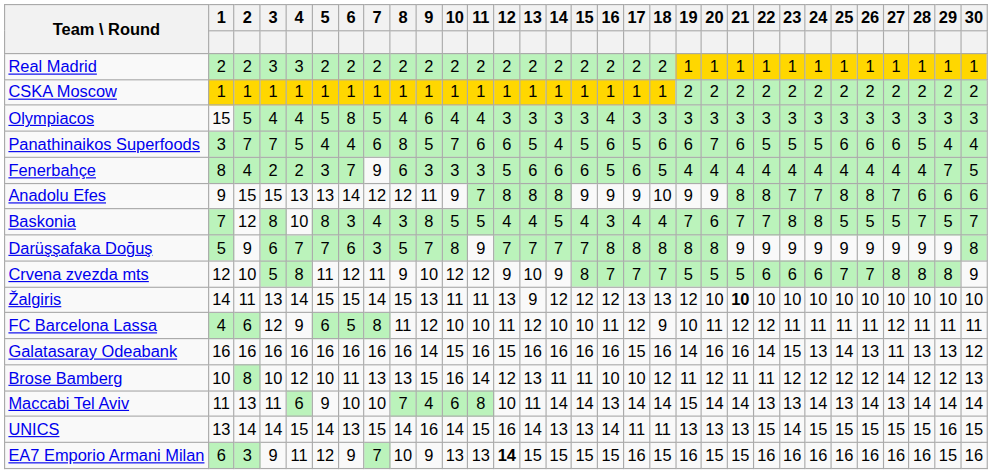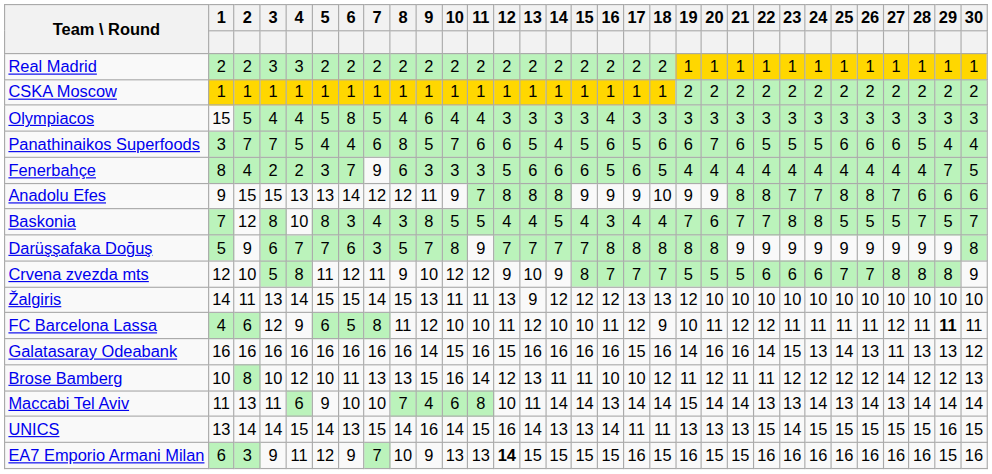 <table class="wikitable sortable" style="font-size:90%; text-align:center; white-space: nowrap;">
 <tr>
 <th rowspan="2" style="width:140px;">Team \ Round</th>
 <th>1</th>
 <th>2</th>
 <th>3</th>
 <th>4</th>
 <th>5</th>
 <th>6</th>
 <th>7</th>
 <th>8</th>
 <th>9</th>
 <th>10</th>
 <th>11</th>
 <th>12</th>
 <th>13</th>
 <th>14</th>
 <th>15</th>
 <th>16</th>
 <th>17</th>
 <th>18</th>
 <th>19</th>
 <th>20</th>
 <th>21</th>
 <th>22</th>
 <th>23</th>
 <th>24</th>
 <th>25</th>
 <th>26</th>
 <th>27</th>
 <th>28</th>
 <th>29</th>
 <th>30</th>
 </tr>
 <tr style="text-align:center; height:20px;">
 <th scope=row></th>
 <th></th>
 <th></th>
 <th></th>
 <th></th>
 <th></th>
 <th></th>
 <th></th>
 <th></th>
 <th></th>
 <th></th>
 <th></th>
 <th></th>
 <th></th>
 <th></th>
 <th></th>
 <th></th>
 <th></th>
 <th></th>
 <th></th>
 <th></th>
 <th></th>
 <th></th>
 <th></th>
 <th></th>
 <th></th>
 <th></th>
 <th></th>
 <th></th>
 <th></th>
 </tr>
 <tr>
 <td align=left> <a href='#'>Real Madrid</a></td>
 <td bgcolor=#BBF3BB>2</td>
 <td bgcolor=#BBF3BB>2</td>
 <td bgcolor=#BBF3BB>3</td>
 <td bgcolor=#BBF3BB>3</td>
 <td bgcolor=#BBF3BB>2</td>
 <td bgcolor=#BBF3BB>2</td>
 <td bgcolor=#BBF3BB>2</td>
 <td bgcolor=#BBF3BB>2</td>
 <td bgcolor=#BBF3BB>2</td>
 <td bgcolor=#BBF3BB>2</td>
 <td bgcolor=#BBF3BB>2</td>
 <td bgcolor=#BBF3BB>2</td>
 <td bgcolor=#BBF3BB>2</td>
 <td bgcolor=#BBF3BB>2</td>
 <td bgcolor=#BBF3BB>2</td>
 <td bgcolor=#BBF3BB>2</td>
 <td bgcolor=#BBF3BB>2</td>
 <td bgcolor=#BBF3BB>2</td>
 <td bgcolor=gold>1</td>
 <td bgcolor=gold>1</td>
 <td bgcolor=gold>1</td>
 <td bgcolor=gold>1</td>
 <td bgcolor=gold>1</td>
 <td bgcolor=gold>1</td>
 <td bgcolor=gold>1</td>
 <td bgcolor=gold>1</td>
 <td bgcolor=gold>1</td>
 <td bgcolor=gold>1</td>
 <td bgcolor=gold>1</td>
 <td bgcolor=gold>1</td>
 </tr>
 <tr>
 <td align=left> <a href='#'>CSKA Moscow</a></td>
 <td bgcolor=gold>1</td>
 <td bgcolor=gold>1</td>
 <td bgcolor=gold>1</td>
 <td bgcolor=gold>1</td>
 <td bgcolor=gold>1</td>
 <td bgcolor=gold>1</td>
 <td bgcolor=gold>1</td>
 <td bgcolor=gold>1</td>
 <td bgcolor=gold>1</td>
 <td bgcolor=gold>1</td>
 <td bgcolor=gold>1</td>
 <td bgcolor=gold>1</td>
 <td bgcolor=gold>1</td>
 <td bgcolor=gold>1</td>
 <td bgcolor=gold>1</td>
 <td bgcolor=gold>1</td>
 <td bgcolor=gold>1</td>
 <td bgcolor=gold>1</td>
 <td bgcolor=#BBF3BB>2</td>
 <td bgcolor=#BBF3BB>2</td>
 <td bgcolor=#BBF3BB>2</td>
 <td bgcolor=#BBF3BB>2</td>
 <td bgcolor=#BBF3BB>2</td>
 <td bgcolor=#BBF3BB>2</td>
 <td bgcolor=#BBF3BB>2</td>
 <td bgcolor=#BBF3BB>2</td>
 <td bgcolor=#BBF3BB>2</td>
 <td bgcolor=#BBF3BB>2</td>
 <td bgcolor=#BBF3BB>2</td>
 <td bgcolor=#BBF3BB>2</td>
 </tr>
 <tr>
 <td align=left> <a href='#'>Olympiacos</a></td>
 <td>15</td>
 <td bgcolor=#BBF3BB>5</td>
 <td bgcolor=#BBF3BB>4</td>
 <td bgcolor=#BBF3BB>4</td>
 <td bgcolor=#BBF3BB>5</td>
 <td bgcolor=#BBF3BB>8</td>
 <td bgcolor=#BBF3BB>5</td>
 <td bgcolor=#BBF3BB>4</td>
 <td bgcolor=#BBF3BB>6</td>
 <td bgcolor=#BBF3BB>4</td>
 <td bgcolor=#BBF3BB>4</td>
 <td bgcolor=#BBF3BB>3</td>
 <td bgcolor=#BBF3BB>3</td>
 <td bgcolor=#BBF3BB>3</td>
 <td bgcolor=#BBF3BB>3</td>
 <td bgcolor=#BBF3BB>4</td>
 <td bgcolor=#BBF3BB>3</td>
 <td bgcolor=#BBF3BB>3</td>
 <td bgcolor=#BBF3BB>3</td>
 <td bgcolor=#BBF3BB>3</td>
 <td bgcolor=#BBF3BB>3</td>
 <td bgcolor=#BBF3BB>3</td>
 <td bgcolor=#BBF3BB>3</td>
 <td bgcolor=#BBF3BB>3</td>
 <td bgcolor=#BBF3BB>3</td>
 <td bgcolor=#BBF3BB>3</td>
 <td bgcolor=#BBF3BB>3</td>
 <td bgcolor=#BBF3BB>3</td>
 <td bgcolor=#BBF3BB>3</td>
 <td bgcolor=#BBF3BB>3</td>
 </tr>
 <tr>
 <td align=left> <a href='#'>Panathinaikos Superfoods</a></td>
 <td bgcolor=#BBF3BB>3</td>
 <td bgcolor=#BBF3BB>7</td>
 <td bgcolor=#BBF3BB>7</td>
 <td bgcolor=#BBF3BB>5</td>
 <td bgcolor=#BBF3BB>4</td>
 <td bgcolor=#BBF3BB>4</td>
 <td bgcolor=#BBF3BB>6</td>
 <td bgcolor=#BBF3BB>8</td>
 <td bgcolor=#BBF3BB>5</td>
 <td bgcolor=#BBF3BB>7</td>
 <td bgcolor=#BBF3BB>6</td>
 <td bgcolor=#BBF3BB>6</td>
 <td bgcolor=#BBF3BB>5</td>
 <td bgcolor=#BBF3BB>4</td>
 <td bgcolor=#BBF3BB>5</td>
 <td bgcolor=#BBF3BB>6</td>
 <td bgcolor=#BBF3BB>5</td>
 <td bgcolor=#BBF3BB>6</td>
 <td bgcolor=#BBF3BB>6</td>
 <td bgcolor=#BBF3BB>7</td>
 <td bgcolor=#BBF3BB>6</td>
 <td bgcolor=#BBF3BB>5</td>
 <td bgcolor=#BBF3BB>5</td>
 <td bgcolor=#BBF3BB>5</td>
 <td bgcolor=#BBF3BB>6</td>
 <td bgcolor=#BBF3BB>6</td>
 <td bgcolor=#BBF3BB>6</td>
 <td bgcolor=#BBF3BB>5</td>
 <td bgcolor=#BBF3BB>4</td>
 <td bgcolor=#BBF3BB>4</td>
 </tr>
 <tr>
 <td align=left> <a href='#'>Fenerbahçe</a></td>
 <td bgcolor=#BBF3BB>8</td>
 <td bgcolor=#BBF3BB>4</td>
 <td bgcolor=#BBF3BB>2</td>
 <td bgcolor=#BBF3BB>2</td>
 <td bgcolor=#BBF3BB>3</td>
 <td bgcolor=#BBF3BB>7</td>
 <td>9</td>
 <td bgcolor=#BBF3BB>6</td>
 <td bgcolor=#BBF3BB>3</td>
 <td bgcolor=#BBF3BB>3</td>
 <td bgcolor=#BBF3BB>3</td>
 <td bgcolor=#BBF3BB>5</td>
 <td bgcolor=#BBF3BB>6</td>
 <td bgcolor=#BBF3BB>6</td>
 <td bgcolor=#BBF3BB>6</td>
 <td bgcolor=#BBF3BB>5</td>
 <td bgcolor=#BBF3BB>6</td>
 <td bgcolor=#BBF3BB>5</td>
 <td bgcolor=#BBF3BB>4</td>
 <td bgcolor=#BBF3BB>4</td>
 <td bgcolor=#BBF3BB>4</td>
 <td bgcolor=#BBF3BB>4</td>
 <td bgcolor=#BBF3BB>4</td>
 <td bgcolor=#BBF3BB>4</td>
 <td bgcolor=#BBF3BB>4</td>
 <td bgcolor=#BBF3BB>4</td>
 <td bgcolor=#BBF3BB>4</td>
 <td bgcolor=#BBF3BB>4</td>
 <td bgcolor=#BBF3BB>7</td>
 <td bgcolor=#BBF3BB>5</td>
 </tr>
 <tr>
 <td align=left> <a href='#'>Anadolu Efes</a></td>
 <td>9</td>
 <td>15</td>
 <td>15</td>
 <td>13</td>
 <td>13</td>
 <td>14</td>
 <td>12</td>
 <td>12</td>
 <td>11</td>
 <td>9</td>
 <td bgcolor=#BBF3BB>7</td>
 <td bgcolor=#BBF3BB>8</td>
 <td bgcolor=#BBF3BB>8</td>
 <td bgcolor=#BBF3BB>8</td>
 <td>9</td>
 <td>9</td>
 <td>9</td>
 <td>10</td>
 <td>9</td>
 <td>9</td>
 <td bgcolor=#BBF3BB>8</td>
 <td bgcolor=#BBF3BB>8</td>
 <td bgcolor=#BBF3BB>7</td>
 <td bgcolor=#BBF3BB>7</td>
 <td bgcolor=#BBF3BB>8</td>
 <td bgcolor=#BBF3BB>8</td>
 <td bgcolor=#BBF3BB>7</td>
 <td bgcolor=#BBF3BB>6</td>
 <td bgcolor=#BBF3BB>6</td>
 <td bgcolor=#BBF3BB>6</td>
 </tr>
 <tr>
 <td align=left> <a href='#'>Baskonia</a></td>
 <td bgcolor=#BBF3BB>7</td>
 <td>12</td>
 <td bgcolor=#BBF3BB>8</td>
 <td>10</td>
 <td bgcolor=#BBF3BB>8</td>
 <td bgcolor=#BBF3BB>3</td>
 <td bgcolor=#BBF3BB>4</td>
 <td bgcolor=#BBF3BB>3</td>
 <td bgcolor=#BBF3BB>8</td>
 <td bgcolor=#BBF3BB>5</td>
 <td bgcolor=#BBF3BB>5</td>
 <td bgcolor=#BBF3BB>4</td>
 <td bgcolor=#BBF3BB>4</td>
 <td bgcolor=#BBF3BB>5</td>
 <td bgcolor=#BBF3BB>4</td>
 <td bgcolor=#BBF3BB>3</td>
 <td bgcolor=#BBF3BB>4</td>
 <td bgcolor=#BBF3BB>4</td>
 <td bgcolor=#BBF3BB>7</td>
 <td bgcolor=#BBF3BB>6</td>
 <td bgcolor=#BBF3BB>7</td>
 <td bgcolor=#BBF3BB>7</td>
 <td bgcolor=#BBF3BB>8</td>
 <td bgcolor=#BBF3BB>8</td>
 <td bgcolor=#BBF3BB>5</td>
 <td bgcolor=#BBF3BB>5</td>
 <td bgcolor=#BBF3BB>5</td>
 <td bgcolor=#BBF3BB>7</td>
 <td bgcolor=#BBF3BB>5</td>
 <td bgcolor=#BBF3BB>7</td>
 </tr>
 <tr>
 <td align=left> <a href='#'>Darüşşafaka Doğuş</a></td>
 <td bgcolor=#BBF3BB>5</td>
 <td>9</td>
 <td bgcolor=#BBF3BB>6</td>
 <td bgcolor=#BBF3BB>7</td>
 <td bgcolor=#BBF3BB>7</td>
 <td bgcolor=#BBF3BB>6</td>
 <td bgcolor=#BBF3BB>3</td>
 <td bgcolor=#BBF3BB>5</td>
 <td bgcolor=#BBF3BB>7</td>
 <td bgcolor=#BBF3BB>8</td>
 <td>9</td>
 <td bgcolor=#BBF3BB>7</td>
 <td bgcolor=#BBF3BB>7</td>
 <td bgcolor=#BBF3BB>7</td>
 <td bgcolor=#BBF3BB>7</td>
 <td bgcolor=#BBF3BB>8</td>
 <td bgcolor=#BBF3BB>8</td>
 <td bgcolor=#BBF3BB>8</td>
 <td bgcolor=#BBF3BB>8</td>
 <td bgcolor=#BBF3BB>8</td>
 <td>9</td>
 <td>9</td>
 <td>9</td>
 <td>9</td>
 <td>9</td>
 <td>9</td>
 <td>9</td>
 <td>9</td>
 <td>9</td>
 <td bgcolor=#BBF3BB>8</td>
 </tr>
 <tr>
 <td align=left> <a href='#'>Crvena zvezda mts</a></td>
 <td>12</td>
 <td>10</td>
 <td bgcolor=#BBF3BB>5</td>
 <td bgcolor=#BBF3BB>8</td>
 <td>11</td>
 <td>12</td>
 <td>11</td>
 <td>9</td>
 <td>10</td>
 <td>12</td>
 <td>12</td>
 <td>9</td>
 <td>10</td>
 <td>9</td>
 <td bgcolor=#BBF3BB>8</td>
 <td bgcolor=#BBF3BB>7</td>
 <td bgcolor=#BBF3BB>7</td>
 <td bgcolor=#BBF3BB>7</td>
 <td bgcolor=#BBF3BB>5</td>
 <td bgcolor=#BBF3BB>5</td>
 <td bgcolor=#BBF3BB>5</td>
 <td bgcolor=#BBF3BB>6</td>
 <td bgcolor=#BBF3BB>6</td>
 <td bgcolor=#BBF3BB>6</td>
 <td bgcolor=#BBF3BB>7</td>
 <td bgcolor=#BBF3BB>7</td>
 <td bgcolor=#BBF3BB>8</td>
 <td bgcolor=#BBF3BB>8</td>
 <td bgcolor=#BBF3BB>8</td>
 <td>9</td>
 </tr>
 <tr>
 <td align=left> <a href='#'>Žalgiris</a></td>
 <td>14</td>
 <td>11</td>
 <td>13</td>
 <td>14</td>
 <td>15</td>
 <td>15</td>
 <td>14</td>
 <td>15</td>
 <td>13</td>
 <td>11</td>
 <td>11</td>
 <td>13</td>
 <td>9</td>
 <td>12</td>
 <td>12</td>
 <td>12</td>
 <td>13</td>
 <td>13</td>
 <td>12</td>
 <td>10</td>
-<td><strong>10</strong></td>
+<td>10</td>
 <td>10</td>
 <td>10</td>
 <td>10</td>
 <td>10</td>
 <td>10</td>
 <td>10</td>
 <td>10</td>
 <td>10</td>
 <td>10</td>
 </tr>
 <tr>
 <td align=left> <a href='#'>FC Barcelona Lassa</a></td>
 <td bgcolor=#BBF3BB>4</td>
 <td bgcolor=#BBF3BB>6</td>
 <td>12</td>
 <td>9</td>
 <td bgcolor=#BBF3BB>6</td>
 <td bgcolor=#BBF3BB>5</td>
 <td bgcolor=#BBF3BB>8</td>
 <td>11</td>
 <td>12</td>
 <td>10</td>
 <td>10</td>
 <td>11</td>
 <td>12</td>
 <td>10</td>
 <td>10</td>
 <td>11</td>
 <td>12</td>
 <td>9</td>
 <td>10</td>
 <td>11</td>
 <td>12</td>
 <td>12</td>
 <td>11</td>
 <td>11</td>
 <td>11</td>
 <td>11</td>
 <td>12</td>
 <td>11</td>
-<td>11</td>
+<td><strong>11</strong></td>
 <td>11</td>
 </tr>
 <tr>
 <td align=left> <a href='#'>Galatasaray Odeabank</a></td>
 <td>16</td>
 <td>16</td>
 <td>16</td>
 <td>16</td>
 <td>16</td>
 <td>16</td>
 <td>16</td>
 <td>16</td>
 <td>14</td>
 <td>15</td>
 <td>16</td>
 <td>15</td>
 <td>16</td>
 <td>16</td>
 <td>16</td>
 <td>16</td>
 <td>15</td>
 <td>16</td>
 <td>14</td>
 <td>16</td>
 <td>16</td>
 <td>14</td>
 <td>15</td>
 <td>13</td>
 <td>14</td>
 <td>13</td>
 <td>11</td>
 <td>13</td>
 <td>13</td>
 <td>12</td>
 </tr>
 <tr>
 <td align=left> <a href='#'>Brose Bamberg</a></td>
 <td>10</td>
 <td bgcolor=#BBF3BB>8</td>
 <td>10</td>
 <td>12</td>
 <td>10</td>
 <td>11</td>
 <td>13</td>
 <td>13</td>
 <td>15</td>
 <td>16</td>
 <td>14</td>
 <td>12</td>
 <td>13</td>
 <td>11</td>
 <td>11</td>
 <td>10</td>
 <td>10</td>
 <td>12</td>
 <td>11</td>
 <td>12</td>
 <td>11</td>
 <td>11</td>
 <td>12</td>
 <td>12</td>
 <td>12</td>
 <td>12</td>
 <td>14</td>
 <td>12</td>
 <td>12</td>
 <td>13</td>
 </tr>
 <tr>
 <td align=left> <a href='#'>Maccabi Tel Aviv</a></td>
 <td>11</td>
 <td>13</td>
 <td>11</td>
 <td bgcolor=#BBF3BB>6</td>
 <td>9</td>
 <td>10</td>
 <td>10</td>
 <td bgcolor=#BBF3BB>7</td>
 <td bgcolor=#BBF3BB>4</td>
 <td bgcolor=#BBF3BB>6</td>
 <td bgcolor=#BBF3BB>8</td>
 <td>10</td>
 <td>11</td>
 <td>14</td>
 <td>14</td>
 <td>13</td>
 <td>14</td>
 <td>14</td>
 <td>15</td>
 <td>14</td>
 <td>14</td>
 <td>13</td>
 <td>13</td>
 <td>14</td>
 <td>13</td>
 <td>14</td>
 <td>13</td>
 <td>14</td>
 <td>14</td>
 <td>14</td>
 </tr>
 <tr>
 <td align=left> <a href='#'>UNICS</a></td>
 <td>13</td>
 <td>14</td>
 <td>14</td>
 <td>15</td>
 <td>14</td>
 <td>13</td>
 <td>15</td>
 <td>14</td>
 <td>16</td>
 <td>14</td>
 <td>15</td>
 <td>16</td>
 <td>14</td>
 <td>13</td>
 <td>13</td>
 <td>14</td>
 <td>11</td>
 <td>11</td>
 <td>13</td>
 <td>13</td>
 <td>13</td>
 <td>15</td>
 <td>14</td>
 <td>15</td>
 <td>15</td>
 <td>15</td>
 <td>15</td>
 <td>15</td>
 <td>16</td>
 <td>15</td>
 </tr>
 <tr>
 <td align=left> <a href='#'>EA7 Emporio Armani Milan</a></td>
 <td bgcolor=#BBF3BB>6</td>
 <td bgcolor=#BBF3BB>3</td>
 <td>9</td>
 <td>11</td>
 <td>12</td>
 <td>9</td>
 <td bgcolor=#BBF3BB>7</td>
 <td>10</td>
 <td>9</td>
 <td>13</td>
 <td>13</td>
 <td><strong>14</strong></td>
 <td>15</td>
 <td>15</td>
 <td>15</td>
 <td>15</td>
 <td>16</td>
 <td>15</td>
 <td>16</td>
 <td>15</td>
 <td>15</td>
 <td>16</td>
 <td>16</td>
 <td>16</td>
 <td>16</td>
 <td>16</td>
 <td>16</td>
 <td>16</td>
 <td>15</td>
 <td>16</td>
 </tr>
 </table>
